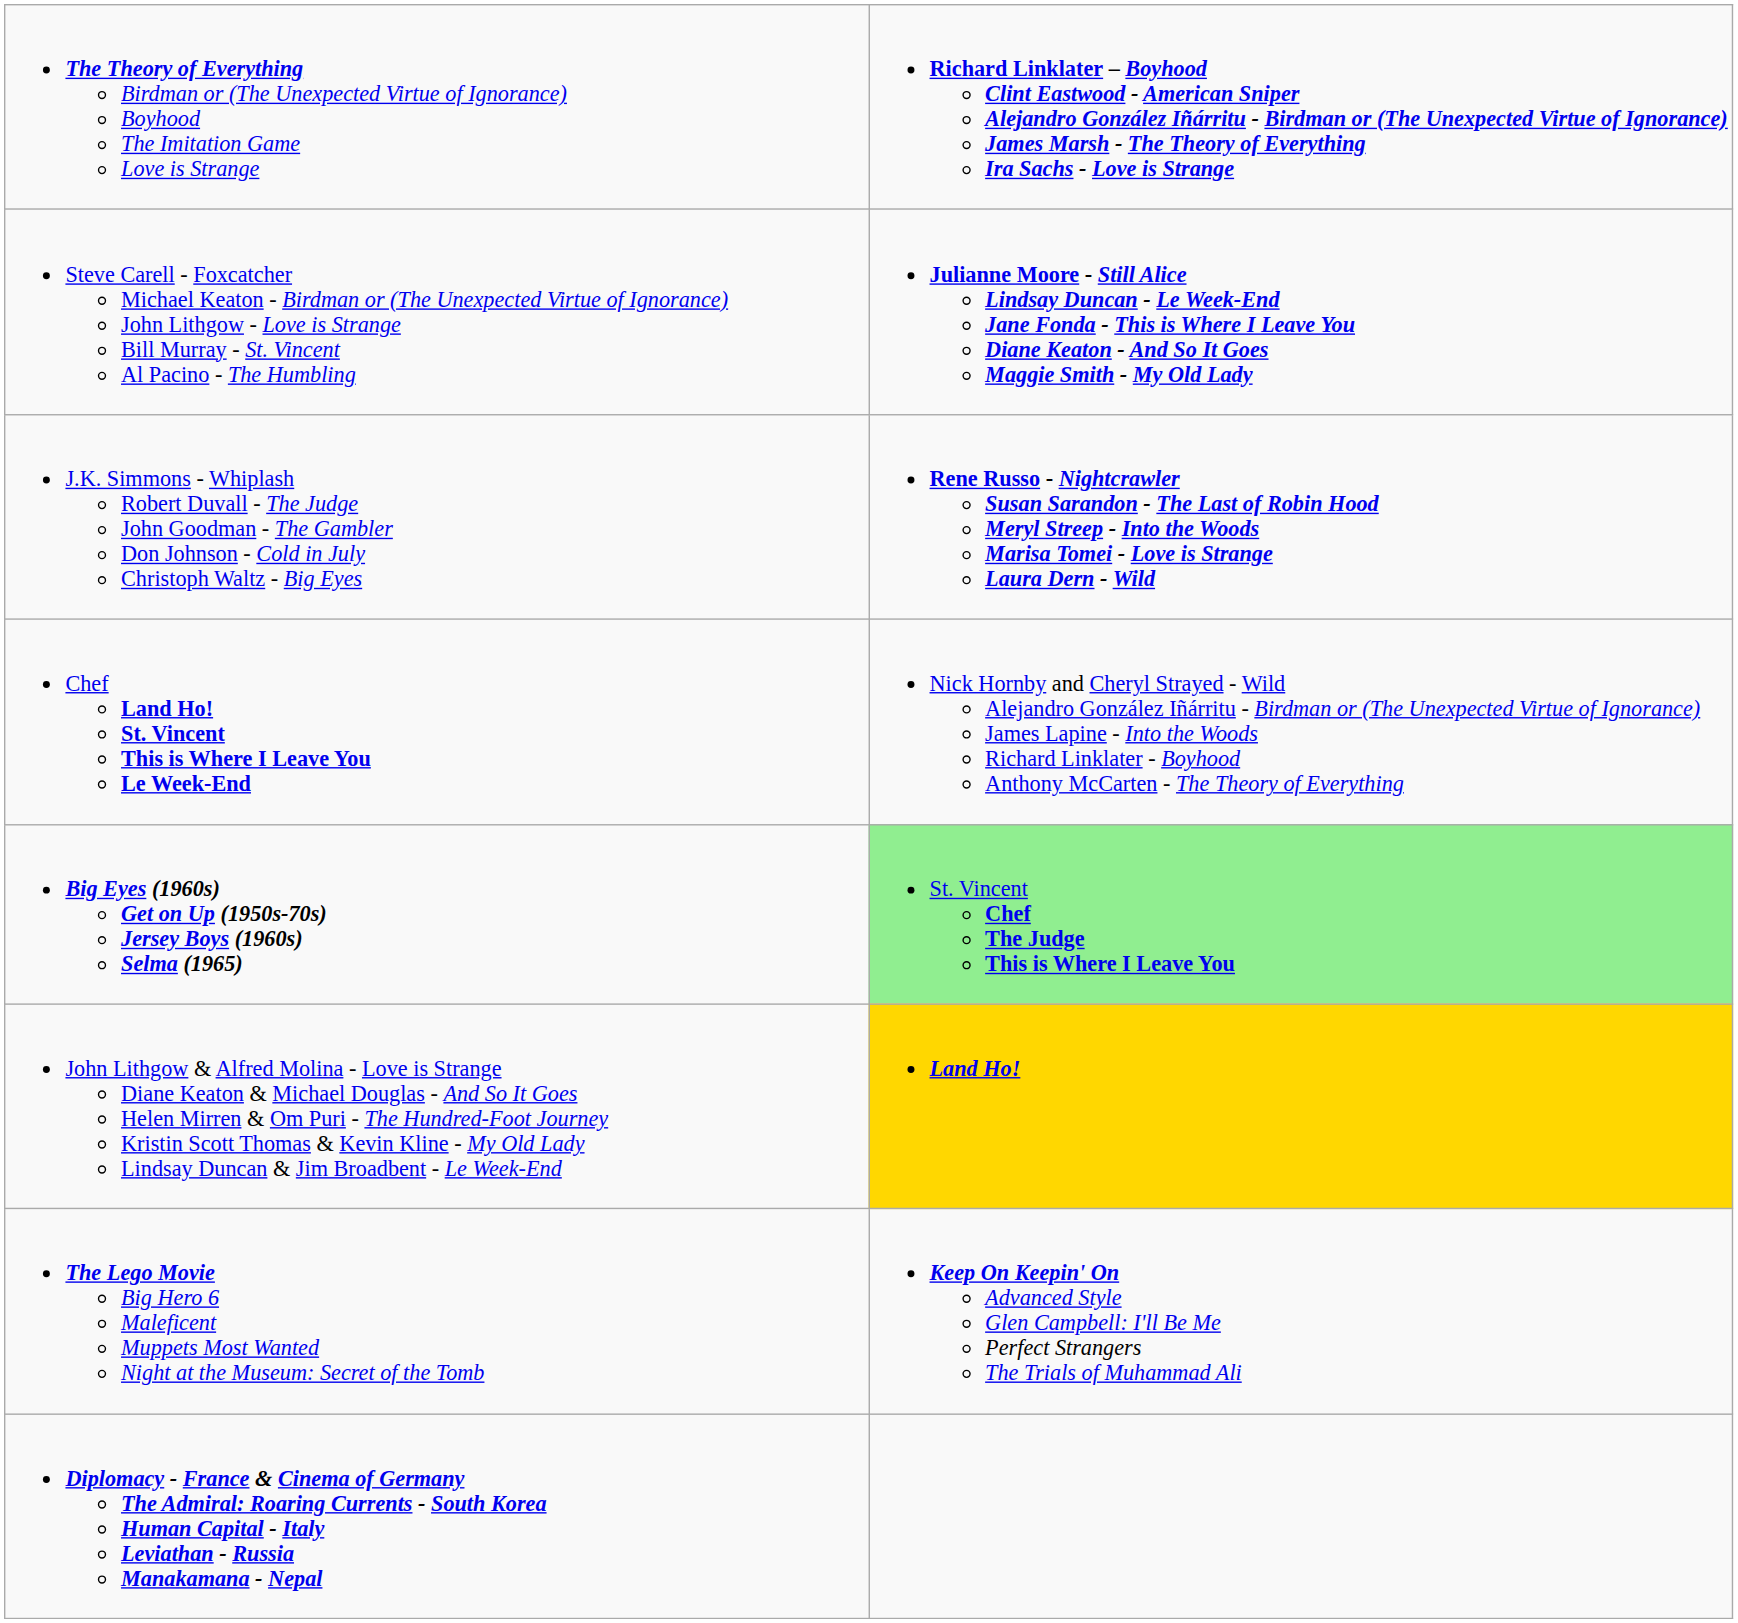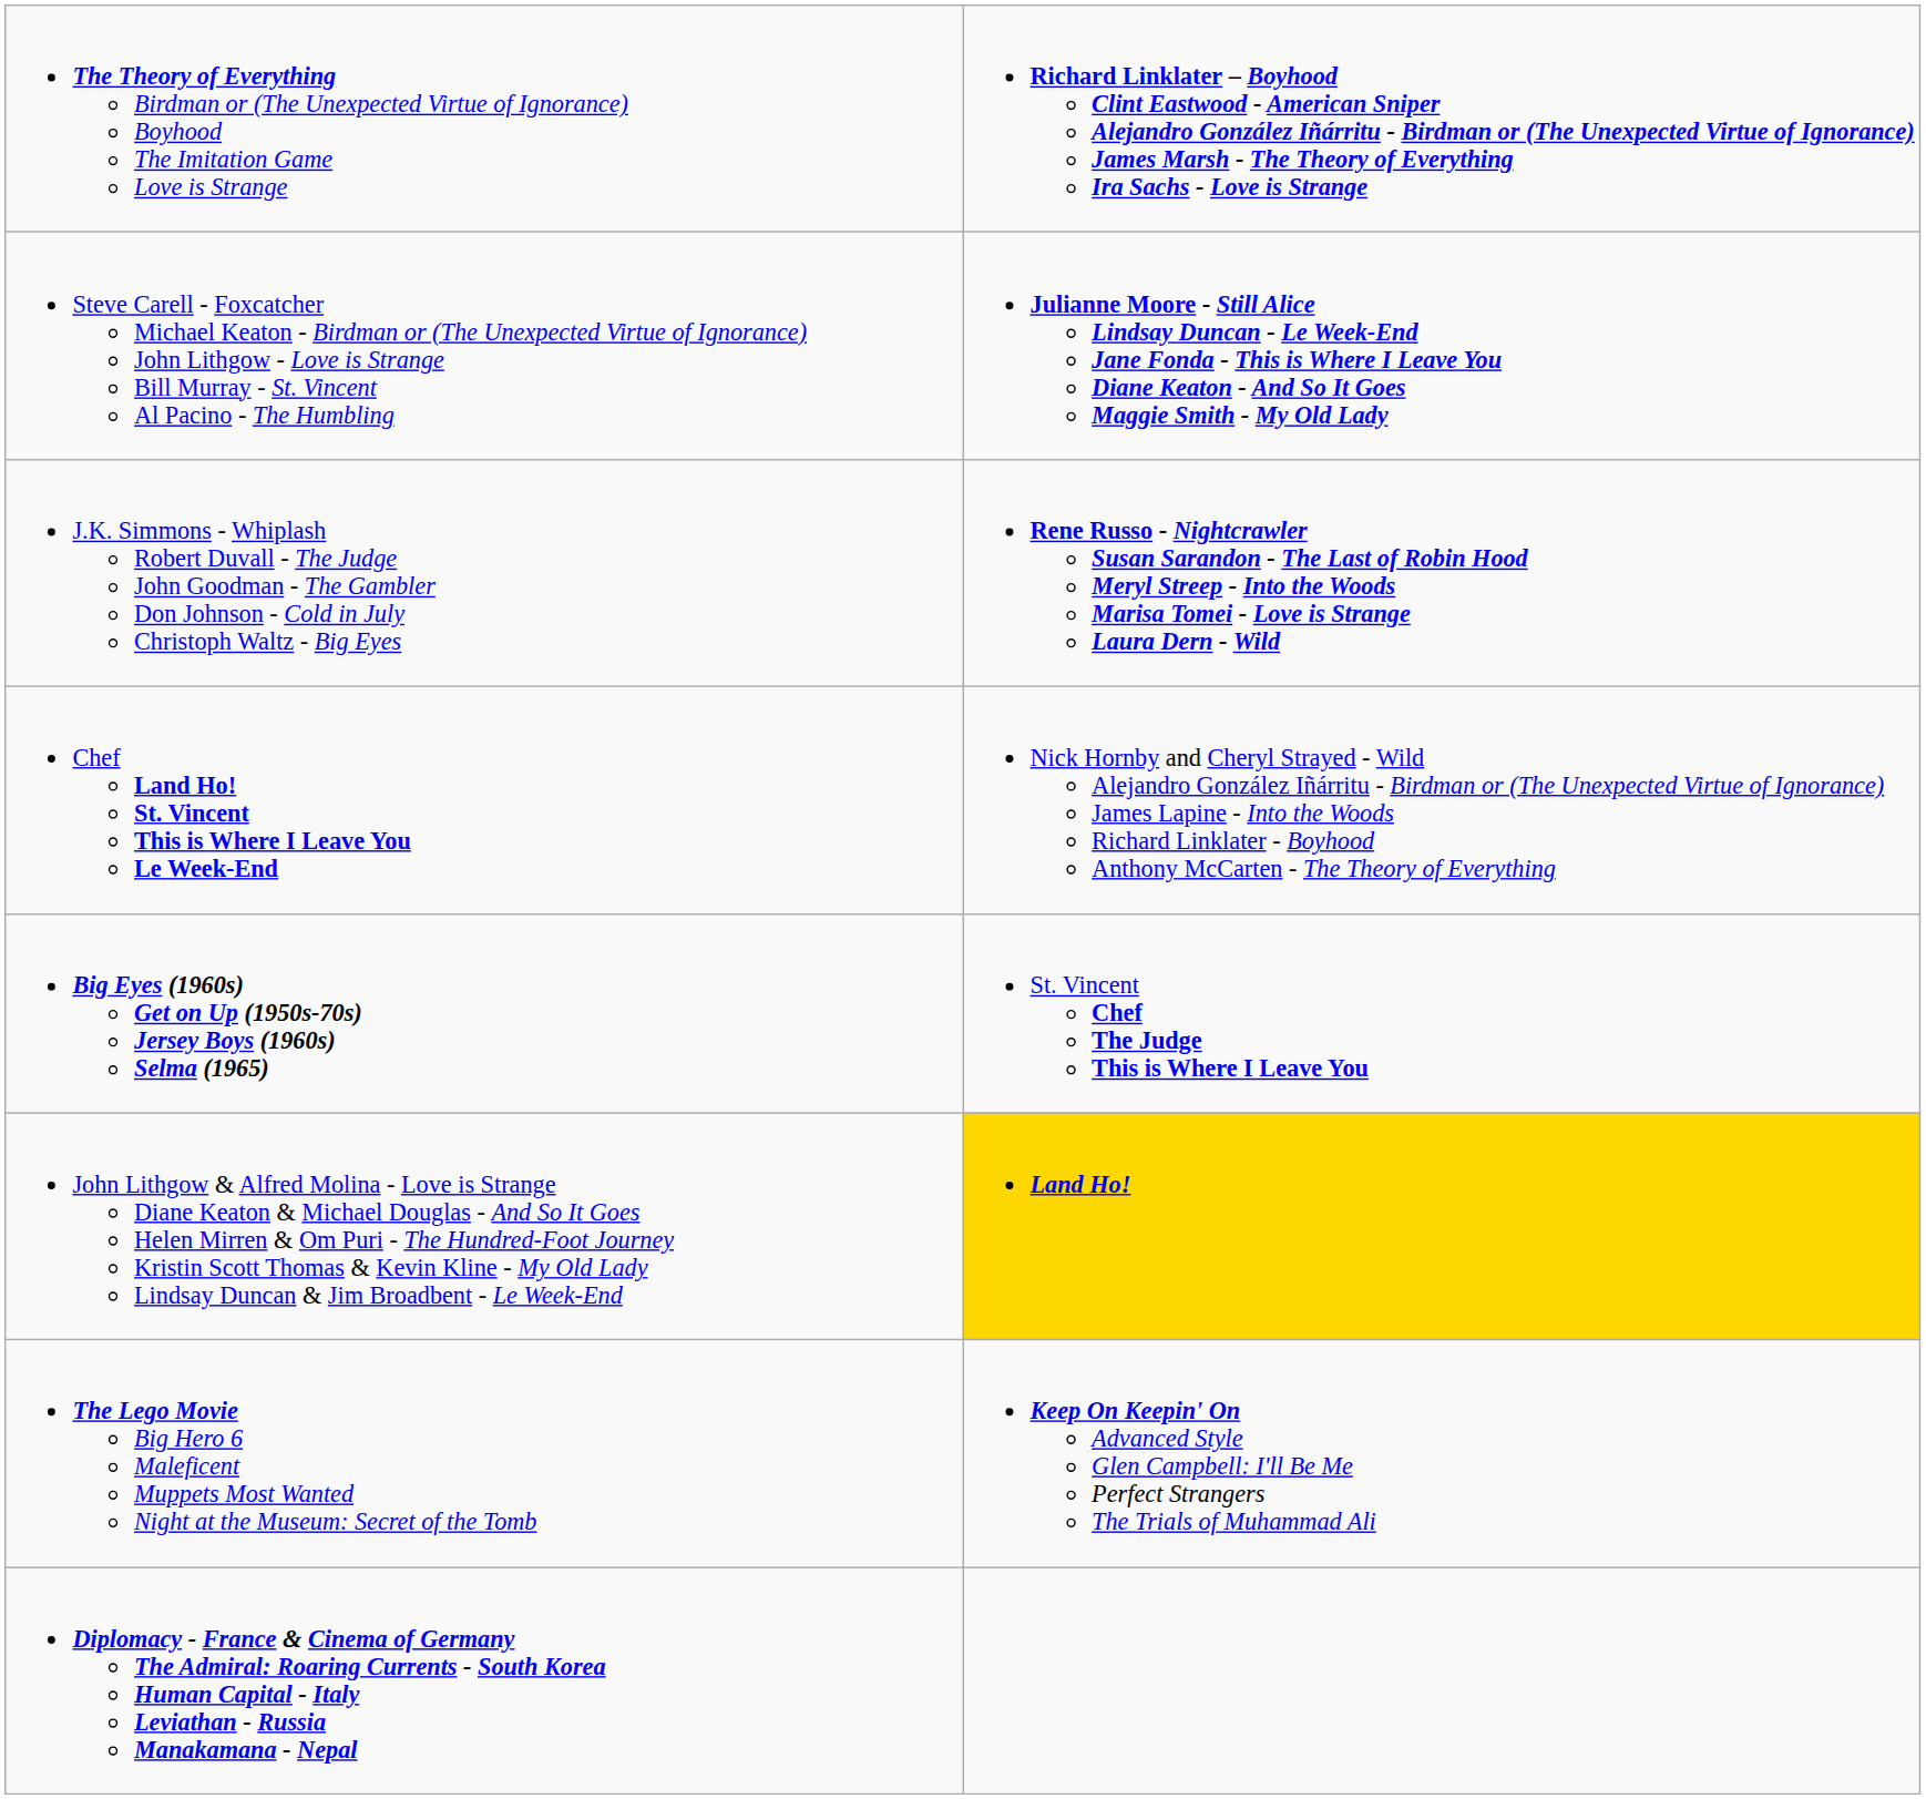 <table class=wikitable>
 <tr>
 <td style="vertical-align:top; width:50%;"><br><ul><li><strong><em><a href='#'>The Theory of Everything</a></em></strong><ul><li><em><a href='#'>Birdman or (The Unexpected Virtue of Ignorance)</a></em></li><li><em><a href='#'>Boyhood</a></em></li><li><em><a href='#'>The Imitation Game</a></em></li><li><em><a href='#'>Love is Strange</a></em></li></ul></li></ul></td>
 <td style="vertical-align:top; width:50%;"><br><ul><li><strong><a href='#'>Richard Linklater</a> – <em><a href='#'>Boyhood</a><strong><em><ul><li><a href='#'>Clint Eastwood</a> - </em><a href='#'>American Sniper</a><em></li><li><a href='#'>Alejandro González Iñárritu</a> - </em><a href='#'>Birdman or (The Unexpected Virtue of Ignorance)</a><em></li><li><a href='#'>James Marsh</a> - </em><a href='#'>The Theory of Everything</a><em></li><li><a href='#'>Ira Sachs</a> - </em><a href='#'>Love is Strange</a><em></li></ul></li></ul></td>
 </tr>
 <tr>
 <td style="vertical-align:top; width:50%;"><br><ul><li></strong><a href='#'>Steve Carell</a> - </em><a href='#'>Foxcatcher</a></em></strong><ul><li><a href='#'>Michael Keaton</a> - <em><a href='#'>Birdman or (The Unexpected Virtue of Ignorance)</a></em></li><li><a href='#'>John Lithgow</a> - <em><a href='#'>Love is Strange</a></em></li><li><a href='#'>Bill Murray</a> - <em><a href='#'>St. Vincent</a></em></li><li><a href='#'>Al Pacino</a> - <em><a href='#'>The Humbling</a></em></li></ul></li></ul></td>
 <td style="vertical-align:top; width:50%;"><br><ul><li><strong><a href='#'>Julianne Moore</a> - <em><a href='#'>Still Alice</a><strong><em><ul><li><a href='#'>Lindsay Duncan</a> - </em><a href='#'>Le Week-End</a><em></li><li><a href='#'>Jane Fonda</a> - </em><a href='#'>This is Where I Leave You</a><em></li><li><a href='#'>Diane Keaton</a> - </em><a href='#'>And So It Goes</a><em></li><li><a href='#'>Maggie Smith</a> - </em><a href='#'>My Old Lady</a><em></li></ul></li></ul></td>
 </tr>
 <tr>
 <td style="vertical-align:top; width:50%;"><br><ul><li></strong><a href='#'>J.K. Simmons</a> - </em><a href='#'>Whiplash</a></em></strong><ul><li><a href='#'>Robert Duvall</a> - <em><a href='#'>The Judge</a></em></li><li><a href='#'>John Goodman</a> - <em><a href='#'>The Gambler</a></em></li><li><a href='#'>Don Johnson</a> - <em><a href='#'>Cold in July</a></em></li><li><a href='#'>Christoph Waltz</a> - <em><a href='#'>Big Eyes</a></em></li></ul></li></ul></td>
 <td style="vertical-align:top; width:50%;"><br><ul><li><strong><a href='#'>Rene Russo</a> - <em><a href='#'>Nightcrawler</a><strong><em><ul><li><a href='#'>Susan Sarandon</a> - </em><a href='#'>The Last of Robin Hood</a><em></li><li><a href='#'>Meryl Streep</a> - </em><a href='#'>Into the Woods</a><em></li><li><a href='#'>Marisa Tomei</a> - </em><a href='#'>Love is Strange</a><em></li><li><a href='#'>Laura Dern</a> - </em><a href='#'>Wild</a><em></li></ul></li></ul></td>
 </tr>
 <tr>
 <td style="vertical-align:top; width:50%;"><br><ul><li></em></strong><a href='#'>Chef</a><strong><em><ul><li></em><a href='#'>Land Ho!</a><em></li><li></em><a href='#'>St. Vincent</a><em></li><li></em><a href='#'>This is Where I Leave You</a><em></li><li></em><a href='#'>Le Week-End</a><em></li></ul></li></ul></td>
 <td style="vertical-align:top; width:50%;"><br><ul><li></strong><a href='#'>Nick Hornby</a> and <a href='#'>Cheryl Strayed</a> - </em><a href='#'>Wild</a></em></strong><ul><li><a href='#'>Alejandro González Iñárritu</a> - <em><a href='#'>Birdman or (The Unexpected Virtue of Ignorance)</a></em></li><li><a href='#'>James Lapine</a> - <em><a href='#'>Into the Woods</a></em></li><li><a href='#'>Richard Linklater</a> - <em><a href='#'>Boyhood</a></em></li><li><a href='#'>Anthony McCarten</a> - <em><a href='#'>The Theory of Everything</a></em></li></ul></li></ul></td>
 </tr>
 <tr>
 <td style="vertical-align:top; width:50%;"><br><ul><li><strong><em><a href='#'>Big Eyes</a><em> (1960s)<strong><ul><li></em><a href='#'>Get on Up</a><em> (1950s-70s)</li><li></em><a href='#'>Jersey Boys</a><em> (1960s)</li><li></em><a href='#'>Selma</a><em> (1965)</li></ul></li></ul></td>
-<td style="background: lightgreen; vertical-align:top; width:50%;"><br><ul><li></em></strong><a href='#'>St. Vincent</a><strong><em><ul><li></em><a href='#'>Chef</a><em></li><li></em><a href='#'>The Judge</a><em></li><li></em><a href='#'>This is Where I Leave You</a><em></li></ul></li></ul></td>
+<td style="vertical-align:top; width:50%;"><br><ul><li></em></strong><a href='#'>St. Vincent</a><strong><em><ul><li></em><a href='#'>Chef</a><em></li><li></em><a href='#'>The Judge</a><em></li><li></em><a href='#'>This is Where I Leave You</a><em></li></ul></li></ul></td>
 </tr>
 <tr>
 <td style="vertical-align:top; width:50%;"><br><ul><li></strong><a href='#'>John Lithgow</a> & <a href='#'>Alfred Molina</a> - </em><a href='#'>Love is Strange</a></em></strong><ul><li><a href='#'>Diane Keaton</a> & <a href='#'>Michael Douglas</a> - <em><a href='#'>And So It Goes</a></em></li><li><a href='#'>Helen Mirren</a> & <a href='#'>Om Puri</a> - <em><a href='#'>The Hundred-Foot Journey</a></em></li><li><a href='#'>Kristin Scott Thomas</a> & <a href='#'>Kevin Kline</a> - <em><a href='#'>My Old Lady</a></em></li><li><a href='#'>Lindsay Duncan</a> & <a href='#'>Jim Broadbent</a> - <em><a href='#'>Le Week-End</a></em></li></ul></li></ul></td>
 <td style="background: gold; vertical-align:top; width:50%;"><br><ul><li><strong><em><a href='#'>Land Ho!</a></em></strong></li></ul></td>
 </tr>
 <tr>
 <td style="vertical-align:top; width:50%;"><br><ul><li><strong><em><a href='#'>The Lego Movie</a></em></strong><ul><li><em><a href='#'>Big Hero 6</a></em></li><li><em><a href='#'>Maleficent</a></em></li><li><em><a href='#'>Muppets Most Wanted</a></em></li><li><em><a href='#'>Night at the Museum: Secret of the Tomb</a></em></li></ul></li></ul></td>
 <td style="vertical-align:top; width:50%;"><br><ul><li><strong><em><a href='#'>Keep On Keepin' On</a></em></strong><ul><li><em><a href='#'>Advanced Style</a></em></li><li><em><a href='#'>Glen Campbell: I'll Be Me</a></em></li><li><em>Perfect Strangers</em></li><li><em><a href='#'>The Trials of Muhammad Ali</a></em></li></ul></li></ul></td>
 </tr>
 <tr>
 <td style="vertical-align:top; width:50%;"><br><ul><li><strong><em><a href='#'>Diplomacy</a><em> - <a href='#'>France</a> & <a href='#'>Cinema of Germany</a><strong><ul><li></em><a href='#'>The Admiral: Roaring Currents</a><em> - <a href='#'>South Korea</a></li><li></em><a href='#'>Human Capital</a><em> - <a href='#'>Italy</a></li><li></em><a href='#'>Leviathan</a><em> - <a href='#'>Russia</a></li><li></em><a href='#'>Manakamana</a><em> - <a href='#'>Nepal</a></li></ul></li></ul></td>
 <td style="vertical-align:top; width:50%;"></td>
 </tr>
 </table>
